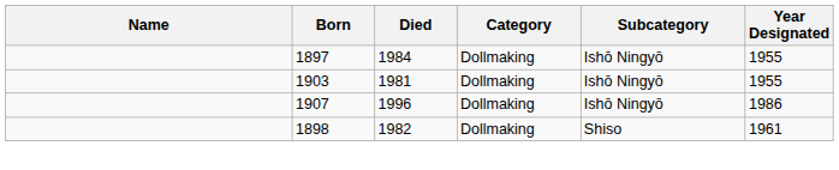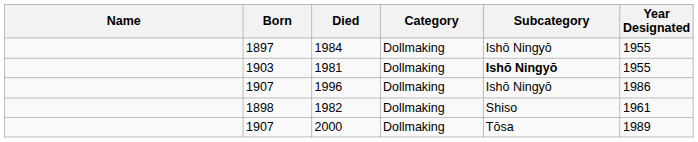 <table class="wikitable sortable"  width="100%" style="backgrōnd:#ffffff;">
 <tr>
 <th width="35%" align="left" style="backgrōnd:#ffdead;">Name</th>
 <th width="10%" align="left" style="backgrōnd:#ffdead;">Born</th>
 <th width="10%" align="left" style="backgrōnd:#ffdead;">Died</th>
 <th width="15%" align="left" style="backgrōnd:#ffdead;">Category</th>
 <th width="20%" align="left" style="backgrōnd:#ffdead;">Subcategory</th>
 <th width="10%" align="left" style="backgrōnd:#ffdead;">Year Designated</th>
 </tr>
 <tr>
 <td></td>
 <td>1897</td>
 <td>1984</td>
 <td>Dollmaking</td>
 <td>Ishō Ningyō</td>
 <td>1955</td>
 </tr>
 <tr>
 <td></td>
 <td>1903</td>
 <td>1981</td>
 <td>Dollmaking</td>
-<td>Ishō Ningyō</td>
+<td><strong>Ishō Ningyō</strong></td>
 <td>1955</td>
 </tr>
 <tr>
 <td></td>
 <td>1907</td>
 <td>1996</td>
 <td>Dollmaking</td>
 <td>Ishō Ningyō</td>
 <td>1986</td>
 </tr>
 <tr>
 <td></td>
 <td>1898</td>
 <td>1982</td>
 <td>Dollmaking</td>
 <td>Shiso</td>
 <td>1961</td>
 </tr>
+<tr>
+<td></td>
+<td>1907</td>
+<td>2000</td>
+<td>Dollmaking</td>
+<td>Tōsa</td>
+<td>1989</td>
+</tr>
 </table>
